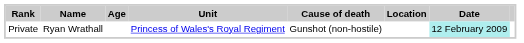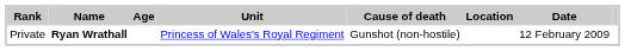 <table cellpadding="4" cellspacing="0" style="border:3px solid #cccccc;">
 <tr bgcolor="#cccccc">
 <th>Rank</th>
 <th>Name</th>
 <th>Age</th>
 <th>Unit</th>
 <th>Cause of death</th>
 <th>Location</th>
 <th>Date</th>
 <th></th>
 </tr>
 <tr>
 <td>Private</td>
-<td>Ryan Wrathall</td>
+<td><strong>Ryan Wrathall</strong></td>
 <td></td>
 <td><a href='#'>Princess of Wales's Royal Regiment</a></td>
 <td>Gunshot (non-hostile)</td>
 <td></td>
-<td style="background: paleturquoise;">12 February 2009</td>
+<td>12 February 2009</td>
 </tr>
 <tr>
 </tr>
 </table>
